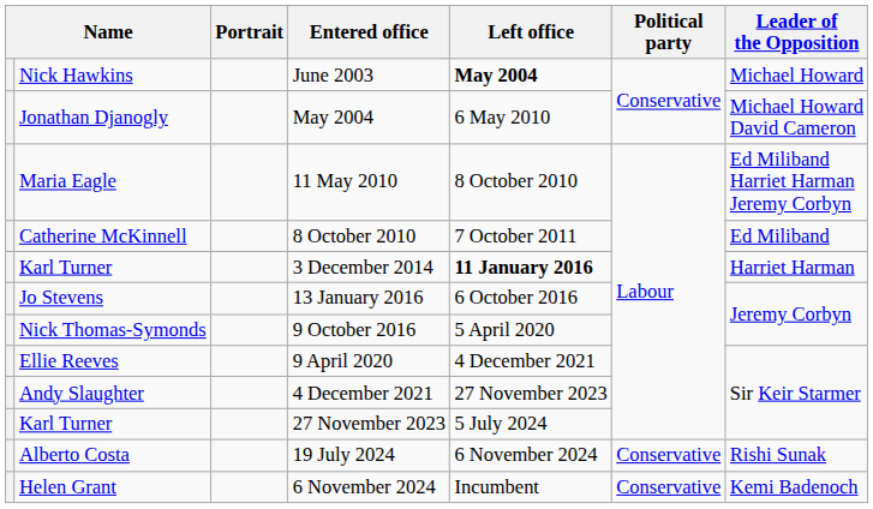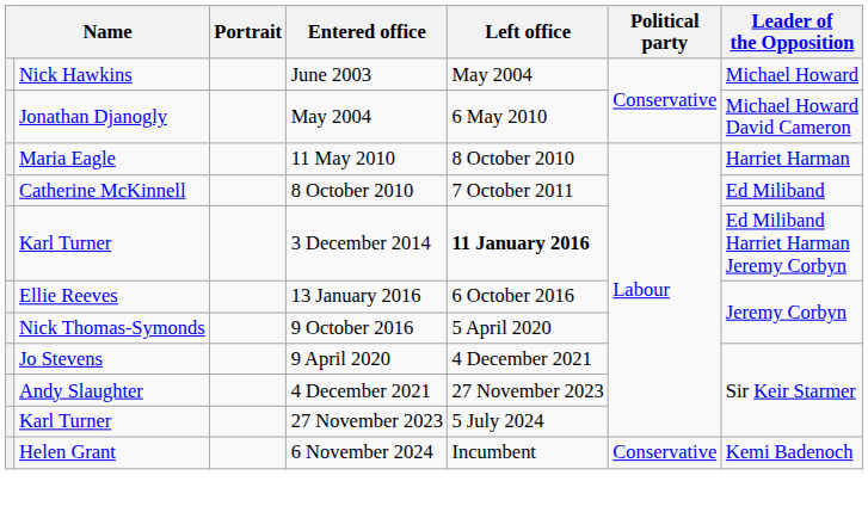 <table class="wikitable">
 <tr>
 <th colspan="2">Name</th>
 <th style="width:50px;">Portrait</th>
 <th>Entered office</th>
 <th>Left office</th>
 <th style="width:50px;">Political party</th>
 <th><a href='#'>Leader of</a><br><a href='#'>the Opposition</a></th>
 </tr>
 <tr>
 <th style="background-color: "></th>
 <td><a href='#'>Nick Hawkins</a></td>
 <td></td>
 <td>June 2003</td>
-<td><strong>May 2004</strong></td>
+<td>May 2004</td>
 <td rowspan="2"><a href='#'>Conservative</a></td>
 <td><a href='#'>Michael Howard</a></td>
 </tr>
 <tr>
 <th style="background-color: "></th>
 <td><a href='#'>Jonathan Djanogly</a></td>
 <td></td>
 <td>May 2004</td>
 <td>6 May 2010</td>
 <td><a href='#'>Michael Howard</a><br><a href='#'>David Cameron</a></td>
 </tr>
 <tr>
 <th style="background-color: "></th>
 <td><a href='#'>Maria Eagle</a></td>
 <td></td>
 <td>11 May 2010</td>
 <td>8 October 2010</td>
 <td rowspan="8"><a href='#'>Labour</a></td>
-<td><a href='#'>Ed Miliband</a><br><a href='#'>Harriet Harman</a> <br><a href='#'>Jeremy Corbyn</a></td>
+<td><a href='#'>Harriet Harman</a><br></td>
 </tr>
 <tr>
 <th style="background-color: "></th>
 <td><a href='#'>Catherine McKinnell</a></td>
 <td></td>
 <td>8 October 2010</td>
 <td>7 October 2011</td>
 <td><a href='#'>Ed Miliband</a></td>
 </tr>
 <tr>
 <th style="background-color: "></th>
 <td><a href='#'>Karl Turner</a></td>
 <td></td>
 <td>3 December 2014</td>
 <td><strong>11 January 2016</strong></td>
-<td><a href='#'>Harriet Harman</a><br></td>
+<td><a href='#'>Ed Miliband</a><br><a href='#'>Harriet Harman</a> <br><a href='#'>Jeremy Corbyn</a></td>
 </tr>
 <tr>
 <th style="background-color: "></th>
-<td><a href='#'>Jo Stevens</a></td>
+<td><a href='#'>Ellie Reeves</a></td>
 <td></td>
 <td>13 January 2016</td>
 <td>6 October 2016</td>
 <td rowspan="2"><a href='#'>Jeremy Corbyn</a></td>
 </tr>
 <tr>
 <th style="background-color: "></th>
 <td><a href='#'>Nick Thomas-Symonds</a></td>
 <td></td>
 <td>9 October 2016</td>
 <td>5 April 2020</td>
 </tr>
 <tr>
 <th style="background-color: "></th>
-<td><a href='#'>Ellie Reeves</a></td>
+<td><a href='#'>Jo Stevens</a></td>
 <td></td>
 <td>9 April 2020</td>
 <td>4 December 2021</td>
 <td rowspan="3">Sir <a href='#'>Keir Starmer</a></td>
 </tr>
 <tr>
 <th style="background-color: "></th>
 <td><a href='#'>Andy Slaughter</a></td>
 <td></td>
 <td>4 December 2021</td>
 <td>27 November 2023</td>
 </tr>
 <tr>
 <th style="background-color: "></th>
 <td><a href='#'>Karl Turner</a></td>
 <td></td>
 <td>27 November 2023</td>
 <td>5 July 2024</td>
 </tr>
 <tr>
 <th style="background-color: "></th>
-<td><a href='#'>Alberto Costa</a></td>
-<td></td>
-<td>19 July 2024</td>
-<td>6 November 2024</td>
-<td><a href='#'>Conservative</a></td>
-<td><a href='#'>Rishi Sunak</a></td>
-</tr>
-<tr>
-<th style="background-color: "></th>
 <td><a href='#'>Helen Grant</a></td>
 <td></td>
 <td>6 November 2024</td>
 <td>Incumbent</td>
 <td><a href='#'>Conservative</a></td>
 <td><a href='#'>Kemi Badenoch</a></td>
 </tr>
 </table>
